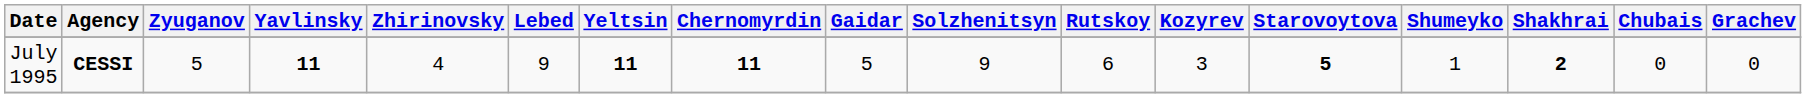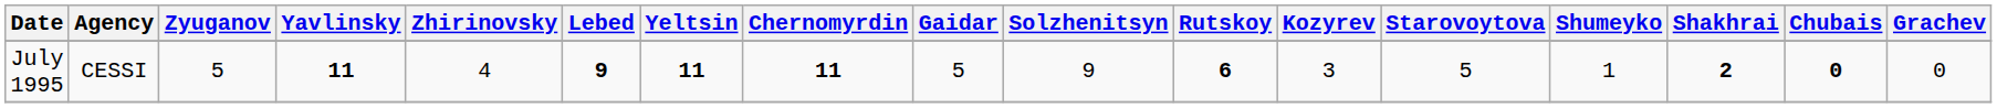 <table class=wikitable style=text-align:center>
 <tr>
 <th>Date</th>
 <th>Agency</th>
 <th><a href='#'>Zyuganov</a></th>
 <th><a href='#'>Yavlinsky</a></th>
 <th><a href='#'>Zhirinovsky</a></th>
 <th><a href='#'>Lebed</a></th>
 <th><a href='#'>Yeltsin</a></th>
 <th><a href='#'>Chernomyrdin</a></th>
 <th><a href='#'>Gaidar</a></th>
 <th><a href='#'>Solzhenitsyn</a></th>
 <th><a href='#'>Rutskoy</a></th>
 <th><a href='#'>Kozyrev</a></th>
 <th><a href='#'>Starovoytova</a></th>
 <th><a href='#'>Shumeyko</a></th>
 <th><a href='#'>Shakhrai</a></th>
 <th><a href='#'>Chubais</a></th>
 <th><a href='#'>Grachev</a></th>
 </tr>
 <tr>
 </tr>
 <tr>
 <td>July 1995</td>
-<td><strong>CESSI</strong></td>
+<td>CESSI</td>
 <td>5</td>
 <td><strong>11</strong></td>
 <td>4</td>
-<td>9</td>
+<td><strong>9</strong></td>
 <td><strong>11</strong></td>
 <td><strong>11</strong></td>
 <td>5</td>
 <td>9</td>
-<td>6</td>
+<td><strong>6</strong></td>
 <td>3</td>
-<td><strong>5</strong></td>
+<td>5</td>
 <td>1</td>
 <td><strong>2</strong></td>
-<td>0</td>
+<td><strong>0</strong></td>
 <td>0</td>
 </tr>
 <tr>
 </tr>
 </table>
